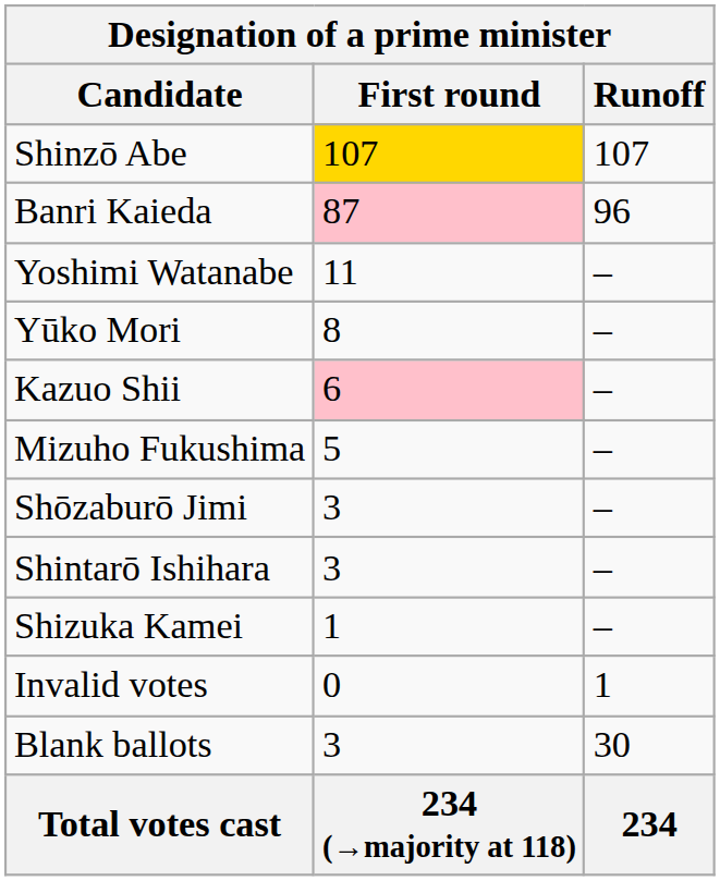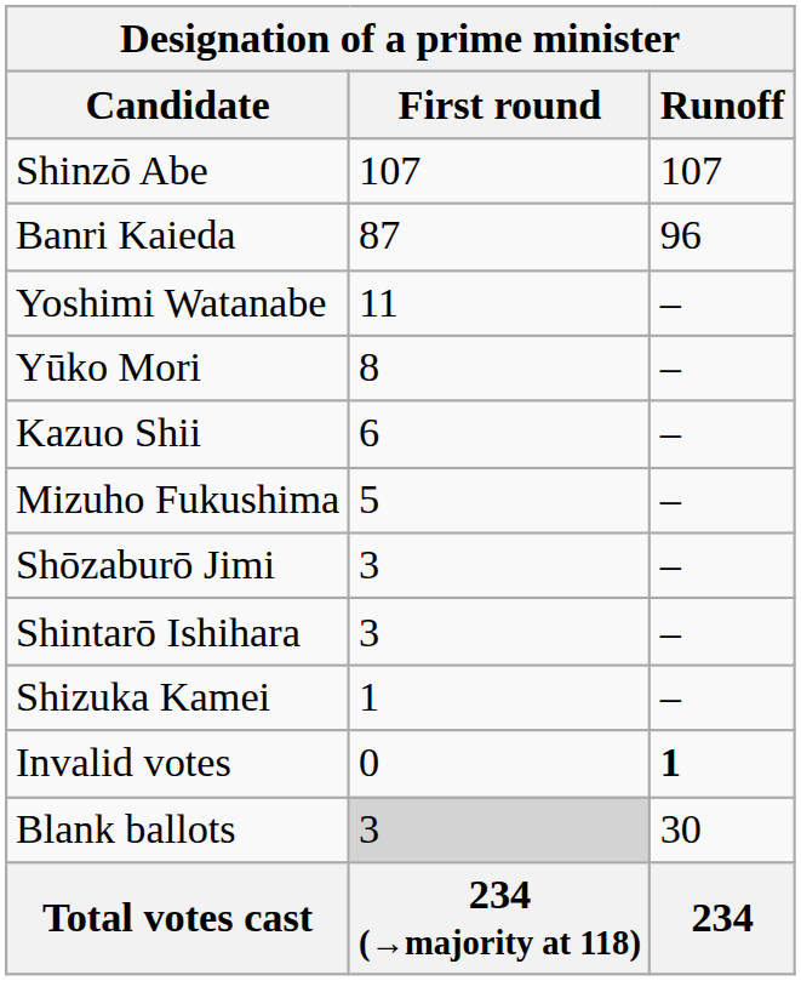 <table class="wikitable">
 <tr>
 <th colspan="3">Designation of a prime minister</th>
 </tr>
 <tr>
 <th>Candidate</th>
 <th>First round</th>
 <th>Runoff</th>
 </tr>
 <tr>
 <td> Shinzō Abe</td>
-<td style="background: gold;">107</td>
+<td>107</td>
 <td>107</td>
 </tr>
 <tr>
 <td>Banri Kaieda</td>
-<td style="background: pink;">87</td>
+<td>87</td>
 <td>96</td>
 </tr>
 <tr>
 <td>Yoshimi Watanabe</td>
 <td>11</td>
 <td>–</td>
 </tr>
 <tr>
 <td>Yūko Mori</td>
 <td>8</td>
 <td>–</td>
 </tr>
 <tr>
 <td>Kazuo Shii</td>
-<td style="background: pink;">6</td>
+<td>6</td>
 <td>–</td>
 </tr>
 <tr>
 <td>Mizuho Fukushima</td>
 <td>5</td>
 <td>–</td>
 </tr>
 <tr>
 <td>Shōzaburō Jimi</td>
 <td>3</td>
 <td>–</td>
 </tr>
 <tr>
 <td>Shintarō Ishihara</td>
 <td>3</td>
 <td>–</td>
 </tr>
 <tr>
 <td>Shizuka Kamei</td>
 <td>1</td>
 <td>–</td>
 </tr>
 <tr>
 <td>Invalid votes</td>
 <td>0</td>
-<td>1</td>
+<td><strong>1</strong></td>
 </tr>
 <tr>
 <td>Blank ballots</td>
-<td>3</td>
+<td style="background: lightgrey;">3</td>
 <td>30</td>
 </tr>
 <tr>
 <th>Total votes cast</th>
 <th>234<br><small>(→majority at 118)</small></th>
 <th>234</th>
 </tr>
 </table>
